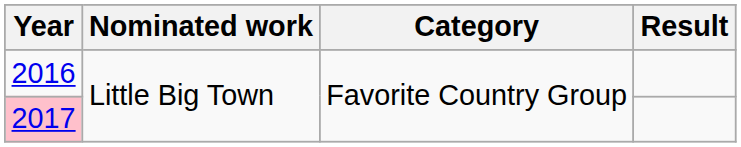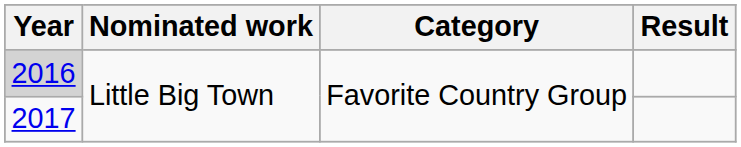 <table class="wikitable">
 <tr>
 <th>Year</th>
 <th>Nominated work</th>
 <th>Category</th>
 <th>Result</th>
 </tr>
 <tr>
-<td><a href='#'>2016</a></td>
+<td style="background: lightgrey;"><a href='#'>2016</a></td>
 <td rowspan=2>Little Big Town</td>
 <td rowspan="2">Favorite Country Group</td>
 <td></td>
 </tr>
 <tr>
-<td style="background: pink;"><a href='#'>2017</a></td>
+<td><a href='#'>2017</a></td>
 <td></td>
 </tr>
 </table>
